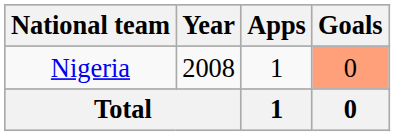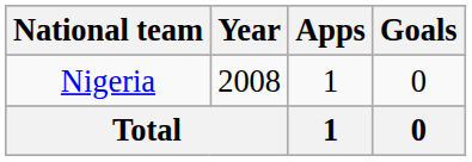 <table class="wikitable" style="text-align: center;">
 <tr>
 <th>National team</th>
 <th>Year</th>
 <th>Apps</th>
 <th>Goals</th>
 </tr>
 <tr>
 <td rowspan="1"><a href='#'>Nigeria</a></td>
 <td>2008</td>
 <td>1</td>
-<td style="background: lightsalmon;">0</td>
+<td>0</td>
 </tr>
 <tr>
 <th colspan="2">Total</th>
 <th>1</th>
 <th>0</th>
 </tr>
 </table>
